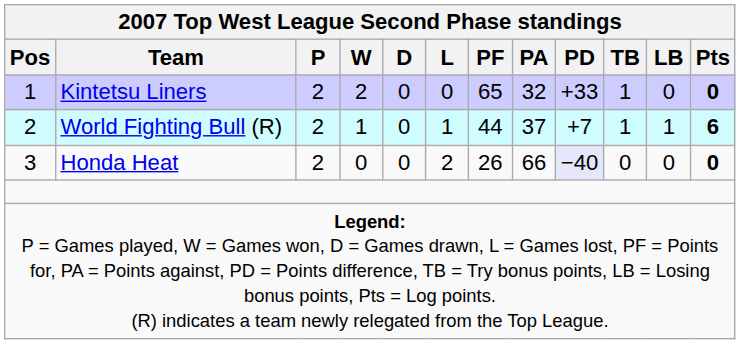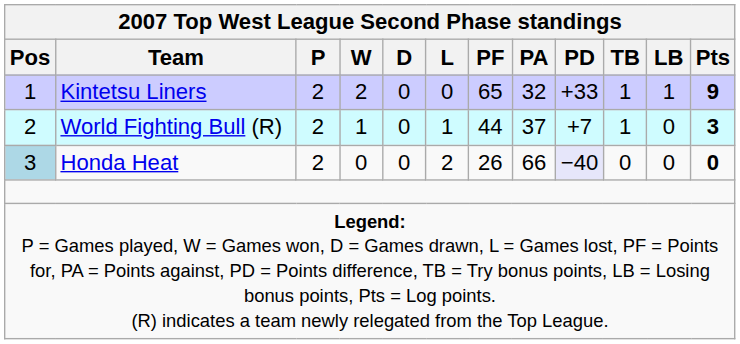 <table class="wikitable" style="text-align:center; font-size:100%; width:60%;">
 <tr>
 <th colspan="100%" cellpadding="0" cellspacing="0"><strong>2007 Top West League Second Phase standings</strong></th>
 </tr>
 <tr>
 <th style="width:6%;">Pos</th>
 <th style="width:34%;">Team</th>
 <th style="width:6%;">P</th>
 <th style="width:6%;">W</th>
 <th style="width:6%;">D</th>
 <th style="width:6%;">L</th>
 <th style="width:6%;">PF</th>
 <th style="width:6%;">PA</th>
 <th style="width:6%;">PD</th>
 <th style="width:6%;">TB</th>
 <th style="width:6%;">LB</th>
 <th style="width:6%;">Pts<br></th>
 </tr>
 <tr style="background:#CCCCFF;">
 <td>1</td>
 <td style="text-align:left;"><a href='#'>Kintetsu Liners</a></td>
 <td>2</td>
 <td>2</td>
 <td>0</td>
 <td>0</td>
 <td>65</td>
 <td>32</td>
 <td>+33</td>
 <td>1</td>
-<td>0</td>
-<td><strong>0</strong></td>
+<td>1</td>
+<td><strong>9</strong></td>
 </tr>
 <tr style="background:#CFFCFF;">
 <td>2</td>
 <td style="text-align:left;"><a href='#'>World Fighting Bull</a> (R)</td>
 <td>2</td>
 <td>1</td>
 <td>0</td>
 <td>1</td>
 <td>44</td>
 <td>37</td>
 <td>+7</td>
 <td>1</td>
-<td>1</td>
-<td><strong>6</strong></td>
+<td>0</td>
+<td><strong>3</strong></td>
 </tr>
 <tr>
-<td>3</td>
+<td style="background: lightblue;">3</td>
 <td style="text-align:left;"><a href='#'>Honda Heat</a></td>
 <td>2</td>
 <td>0</td>
 <td>0</td>
 <td>2</td>
 <td>26</td>
 <td>66</td>
 <td style="background: lavender;">−40</td>
 <td>0</td>
 <td>0</td>
 <td><strong>0</strong></td>
 </tr>
 <tr>
 <td colspan="100%" style="height:10px;"></td>
 </tr>
 <tr>
 <td colspan="100%"><small><strong>Legend:</strong> <br> P = Games played, W = Games won, D = Games drawn, L = Games lost, PF = Points for, PA = Points against, PD = Points difference, TB = Try bonus points, LB = Losing bonus points, Pts = Log points. <br> (R) indicates a team newly relegated from the Top League.</small></td>
 </tr>
 </table>
